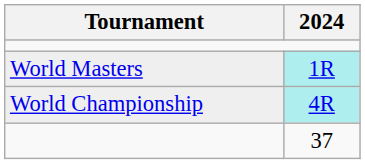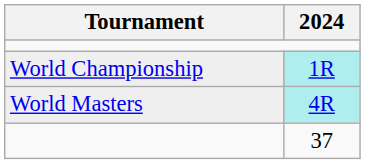 <table class="wikitable" style="width:20%; margin:0">
 <tr>
 <th>Tournament</th>
 <th>2024</th>
 </tr>
 <tr>
 <td colspan="29" align="left"></td>
 </tr>
 <tr>
-<td style="background:#efefef;"><a href='#'>World Masters</a></td>
+<td style="background:#efefef;"><a href='#'>World Championship</a></td>
 <td style="text-align:center; background:#afeeee;"><a href='#'>1R</a></td>
 </tr>
 <tr>
-<td style="background:#efefef;"><a href='#'>World Championship</a></td>
+<td style="background:#efefef;"><a href='#'>World Masters</a></td>
 <td style="text-align:center; background:#afeeee;"><a href='#'>4R</a></td>
 </tr>
 <tr>
 <td align="left"></td>
 <td style="text-align:center;">37</td>
 </tr>
 </table>
